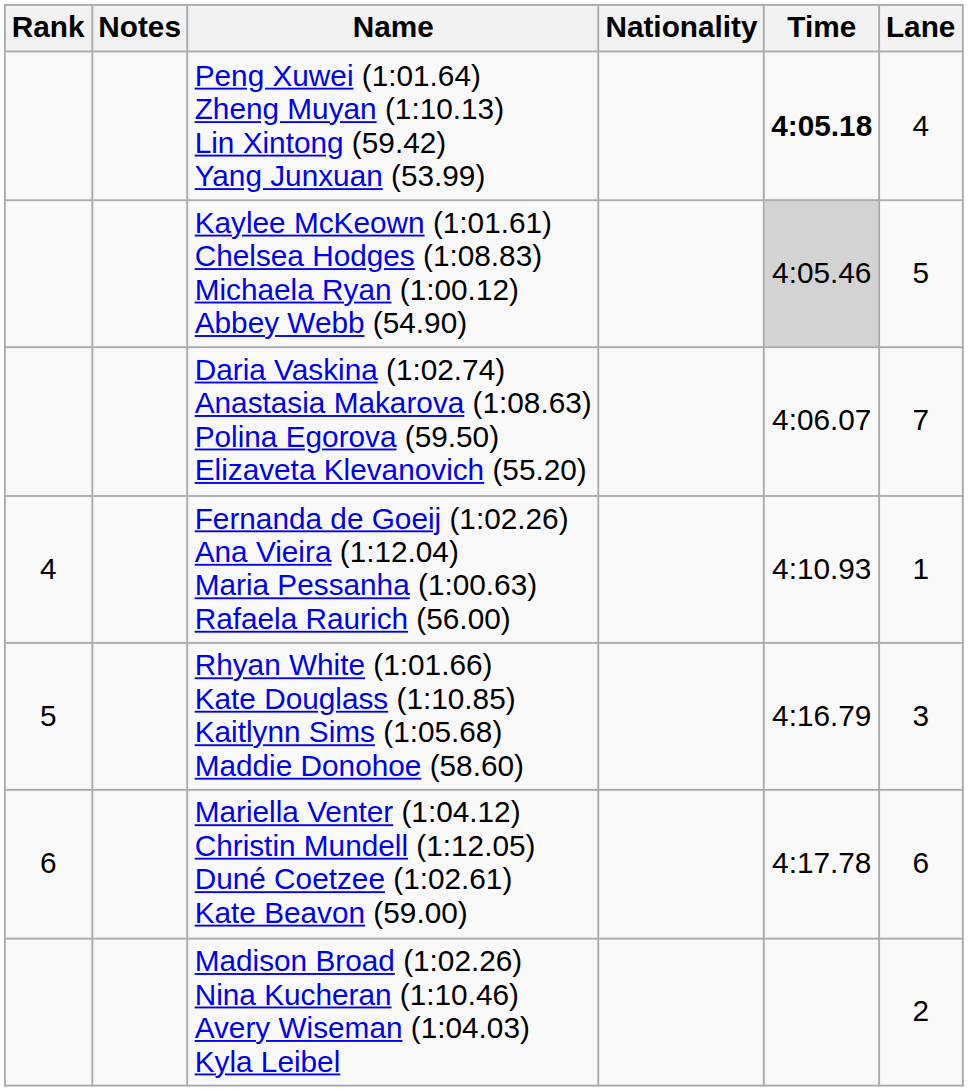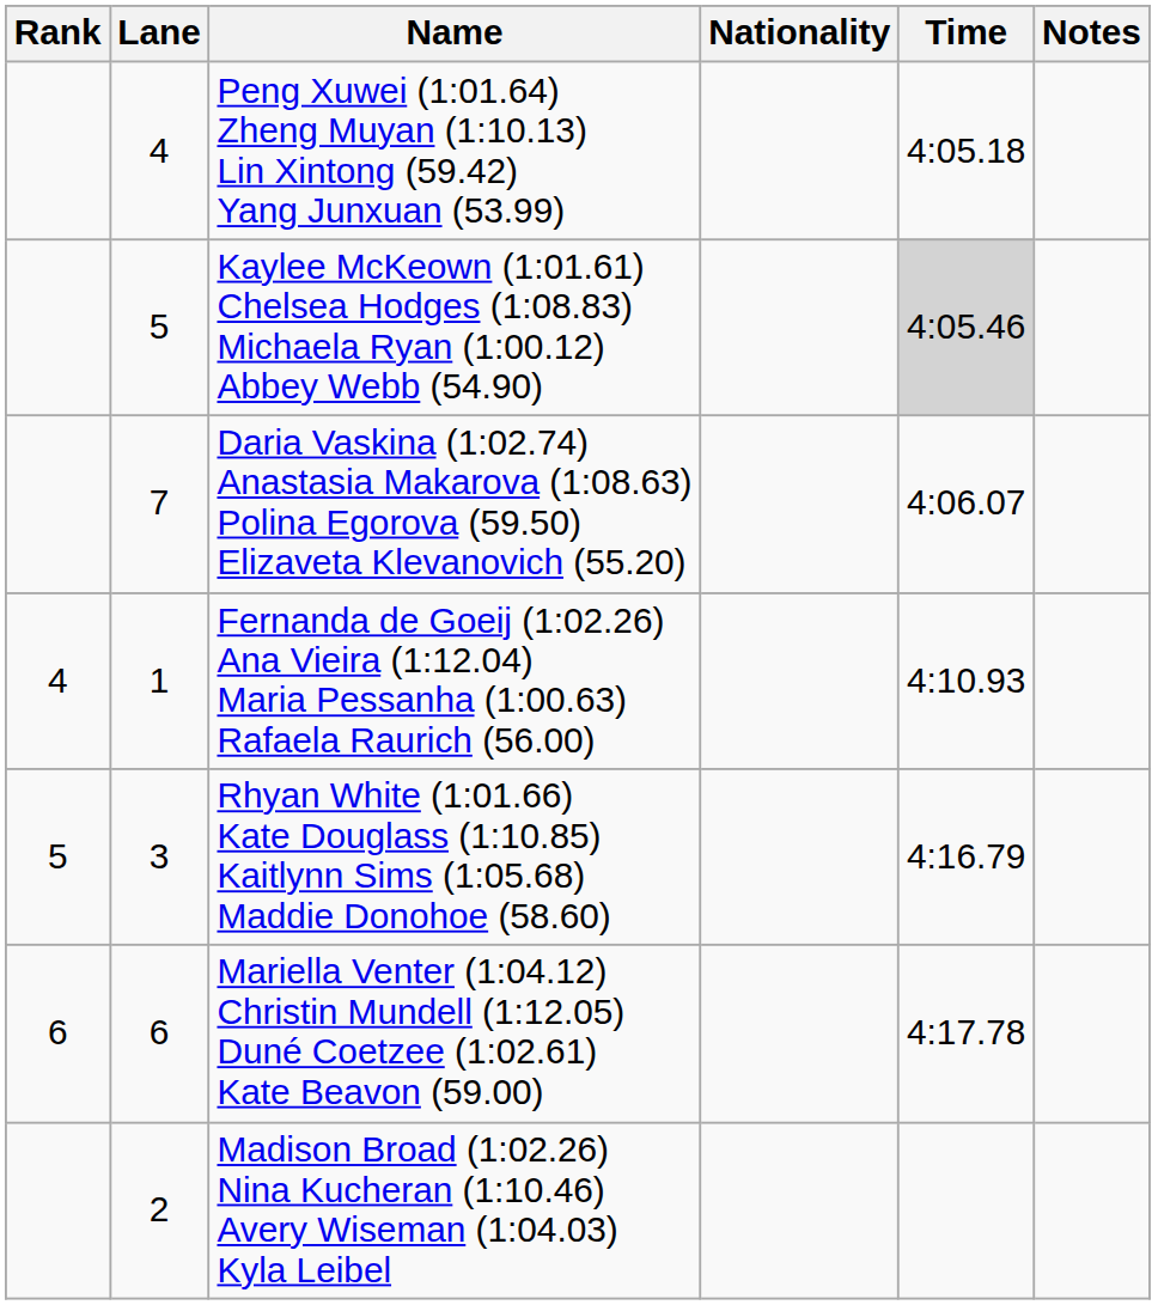 <table class="wikitable sortable" style="text-align:center">
 <tr>
 <th>Rank</th>
-<th>Notes</th>
+<th>Lane</th>
 <th>Name</th>
 <th>Nationality</th>
 <th>Time</th>
-<th>Lane</th>
+<th>Notes</th>
 </tr>
 <tr>
 <td></td>
-<td></td>
+<td>4</td>
 <td align=left><a href='#'>Peng Xuwei</a> (1:01.64)<br><a href='#'>Zheng Muyan</a> (1:10.13)<br><a href='#'>Lin Xintong</a> (59.42)<br><a href='#'>Yang Junxuan</a> (53.99)</td>
 <td align=left></td>
-<td><strong>4:05.18</strong></td>
-<td>4</td>
+<td>4:05.18</td>
+<td></td>
 </tr>
 <tr>
 <td></td>
-<td></td>
+<td>5</td>
 <td align=left><a href='#'>Kaylee McKeown</a> (1:01.61)<br><a href='#'>Chelsea Hodges</a> (1:08.83)<br><a href='#'>Michaela Ryan</a> (1:00.12)<br><a href='#'>Abbey Webb</a> (54.90)</td>
 <td align=left></td>
 <td style="background: lightgrey;">4:05.46</td>
-<td>5</td>
+<td></td>
 </tr>
 <tr>
 <td></td>
-<td></td>
+<td>7</td>
 <td align=left><a href='#'>Daria Vaskina</a> (1:02.74)<br><a href='#'>Anastasia Makarova</a> (1:08.63)<br><a href='#'>Polina Egorova</a> (59.50)<br><a href='#'>Elizaveta Klevanovich</a> (55.20)</td>
 <td align=left></td>
 <td>4:06.07</td>
-<td>7</td>
+<td></td>
 </tr>
 <tr>
 <td>4</td>
-<td></td>
+<td>1</td>
 <td align=left><a href='#'>Fernanda de Goeij</a> (1:02.26)<br><a href='#'>Ana Vieira</a> (1:12.04)<br><a href='#'>Maria Pessanha</a> (1:00.63)<br><a href='#'>Rafaela Raurich</a> (56.00)</td>
 <td align="left"></td>
 <td>4:10.93</td>
-<td>1</td>
+<td></td>
 </tr>
 <tr>
 <td>5</td>
-<td></td>
+<td>3</td>
 <td align=left><a href='#'>Rhyan White</a> (1:01.66)<br><a href='#'>Kate Douglass</a> (1:10.85)<br><a href='#'>Kaitlynn Sims</a> (1:05.68)<br><a href='#'>Maddie Donohoe</a> (58.60)</td>
 <td align="left"></td>
 <td>4:16.79</td>
-<td>3</td>
+<td></td>
 </tr>
 <tr>
 <td>6</td>
-<td></td>
+<td>6</td>
 <td align=left><a href='#'>Mariella Venter</a> (1:04.12)<br><a href='#'>Christin Mundell</a> (1:12.05)<br><a href='#'>Duné Coetzee</a> (1:02.61)<br><a href='#'>Kate Beavon</a> (59.00)</td>
 <td align="left"></td>
 <td>4:17.78</td>
-<td>6</td>
+<td></td>
 </tr>
 <tr>
 <td></td>
-<td></td>
+<td>2</td>
 <td align=left><a href='#'>Madison Broad</a> (1:02.26)<br><a href='#'>Nina Kucheran</a> (1:10.46)<br><a href='#'>Avery Wiseman</a> (1:04.03)<br><a href='#'>Kyla Leibel</a></td>
 <td align=left></td>
 <td></td>
-<td>2</td>
+<td></td>
 </tr>
 </table>
